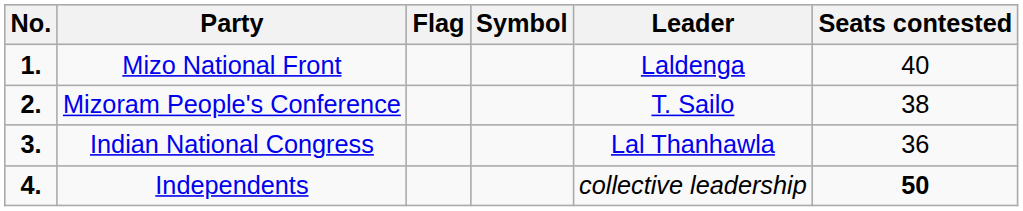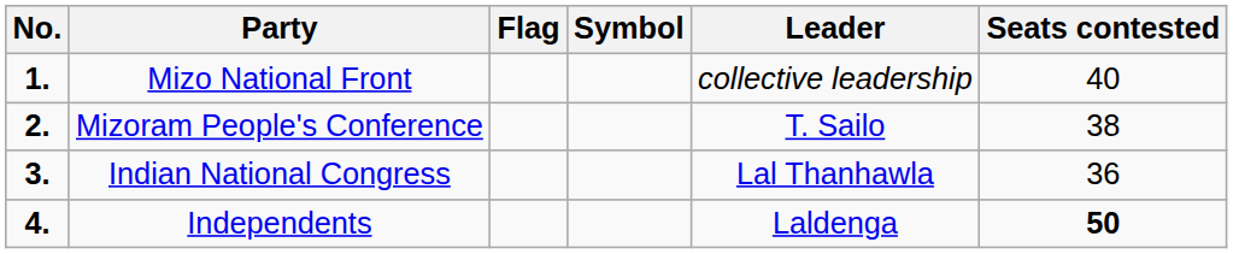 <table class="wikitable">
 <tr>
 <th>No.</th>
 <th>Party</th>
 <th>Flag</th>
 <th>Symbol</th>
 <th>Leader</th>
 <th>Seats contested</th>
 </tr>
 <tr>
 <td ! style="text-align:center; background:"><strong>1.</strong></td>
 <td style="text-align:center"><a href='#'>Mizo National Front</a></td>
 <td></td>
 <td></td>
-<td style="text-align:center"><a href='#'>Laldenga</a></td>
+<td style="text-align:center"><em>collective leadership</em></td>
 <td style="text-align:center">40</td>
 </tr>
 <tr>
 <td ! style="text-align:center; background:"><strong>2.</strong></td>
 <td style="text-align:center"><a href='#'>Mizoram People's Conference</a></td>
 <td></td>
 <td></td>
 <td style="text-align:center"><a href='#'>T. Sailo</a></td>
 <td style="text-align:center">38</td>
 </tr>
 <tr>
 <td ! style="text-align:center; background:"><strong>3.</strong></td>
 <td style="text-align:center"><a href='#'>Indian National Congress</a></td>
 <td></td>
 <td></td>
 <td style="text-align:center"><a href='#'>Lal Thanhawla</a></td>
 <td style="text-align:center">36</td>
 </tr>
 <tr>
 <td ! style="text-align:center; background:"><strong>4.</strong></td>
 <td style="text-align:center"><a href='#'>Independents</a></td>
 <td></td>
 <td></td>
-<td style="text-align:center"><em>collective leadership</em></td>
+<td style="text-align:center"><a href='#'>Laldenga</a></td>
 <td style="text-align:center"><strong>50</strong></td>
 </tr>
 </table>
